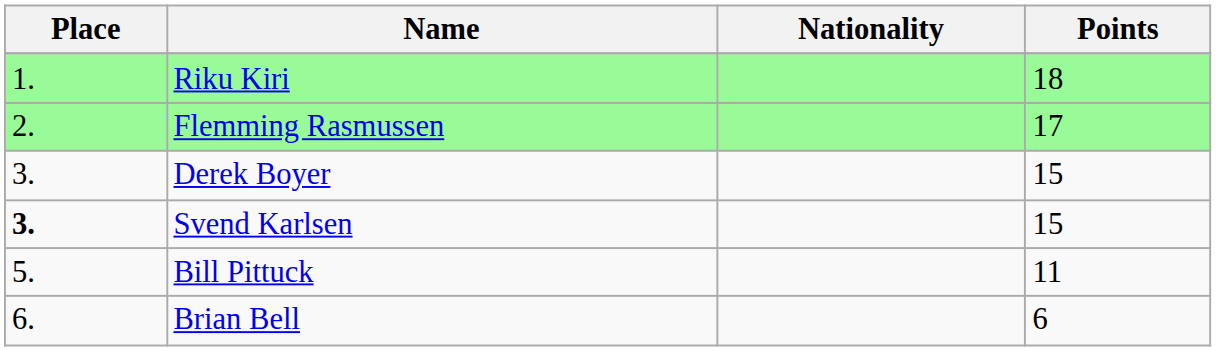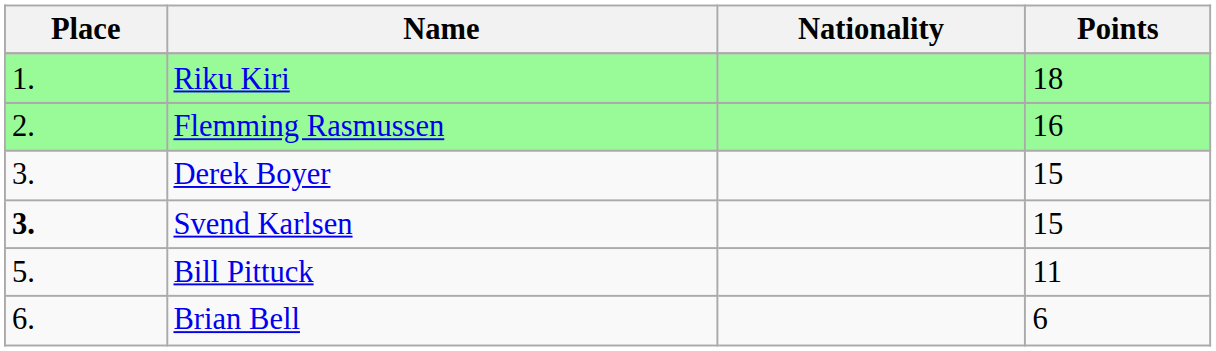 <table class="wikitable" style="display: inline-table; width: 50%;">
 <tr>
 <th>Place</th>
 <th>Name</th>
 <th>Nationality</th>
 <th>Points</th>
 </tr>
 <tr>
 </tr>
 <tr style="background:palegreen">
 <td>1.</td>
 <td><a href='#'>Riku Kiri</a></td>
 <td></td>
 <td>18</td>
 </tr>
 <tr>
 </tr>
 <tr style="background:palegreen">
 <td>2.</td>
 <td><a href='#'>Flemming Rasmussen</a></td>
 <td></td>
-<td>17</td>
+<td>16</td>
 </tr>
 <tr>
 <td>3.</td>
 <td><a href='#'>Derek Boyer</a></td>
 <td></td>
 <td>15</td>
 </tr>
 <tr>
 <td><strong>3.</strong></td>
 <td><a href='#'>Svend Karlsen</a></td>
 <td></td>
 <td>15</td>
 </tr>
 <tr>
 <td>5.</td>
 <td><a href='#'>Bill Pittuck</a></td>
 <td></td>
 <td>11</td>
 </tr>
 <tr>
 <td>6.</td>
 <td><a href='#'>Brian Bell</a></td>
 <td></td>
 <td>6</td>
 </tr>
 </table>
